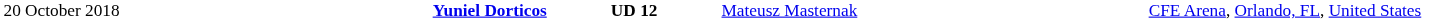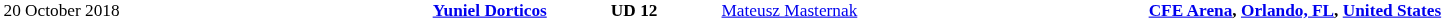 <table cellspacing="1" style="width:100%;">
 <tr>
 <th width="15%"></th>
 <th width="25%"></th>
 <th width="10%"></th>
 <th width="25%"></th>
 </tr>
 <tr style="font-size:100%">
 <td align="right">20 October 2018</td>
 <td align="right"><strong><a href='#'>Yuniel Dorticos</a></strong> </td>
 <td align="center"><strong>UD 12</strong></td>
 <td> <a href='#'>Mateusz Masternak</a></td>
-<td><a href='#'>CFE Arena</a>, <a href='#'>Orlando, FL</a>, <a href='#'>United States</a></td>
+<td><strong><a href='#'>CFE Arena</a>, <a href='#'>Orlando, FL</a>, <a href='#'>United States</a></strong></td>
 </tr>
 </table>
